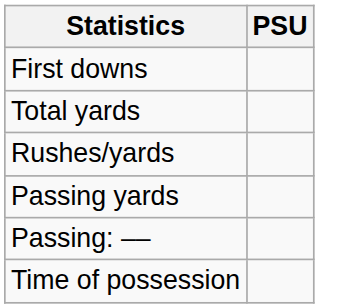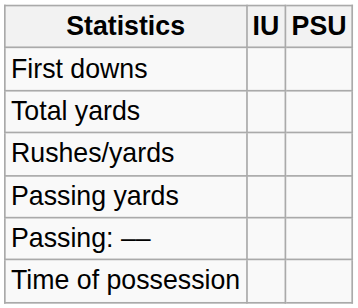 <table class="wikitable" style="float:left">
 <tr>
 <th>Statistics</th>
+<th>IU</th>
 <th>PSU</th>
 </tr>
 <tr>
 <td>First downs</td>
 <td></td>
+<td></td>
 </tr>
 <tr>
 <td>Total yards</td>
+<td></td>
 <td></td>
 </tr>
 <tr>
 <td>Rushes/yards</td>
 <td></td>
+<td></td>
 </tr>
 <tr>
 <td>Passing yards</td>
+<td></td>
 <td></td>
 </tr>
 <tr>
 <td>Passing: ––</td>
 <td></td>
+<td></td>
 </tr>
 <tr>
 <td>Time of possession</td>
 <td></td>
+<td></td>
 </tr>
 </table>
